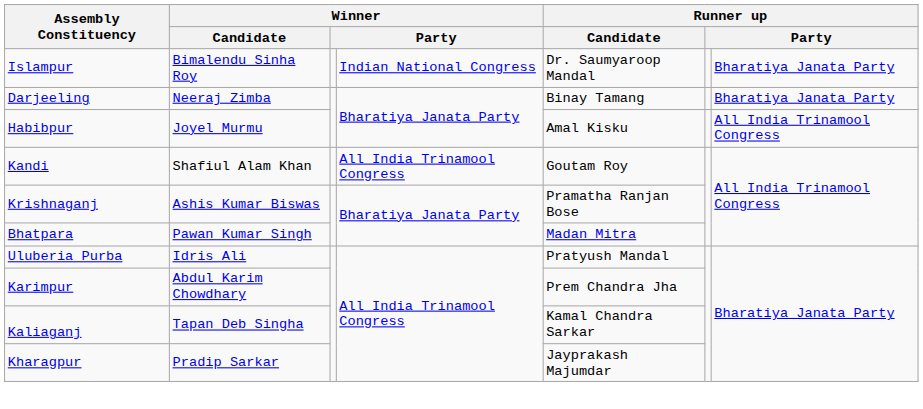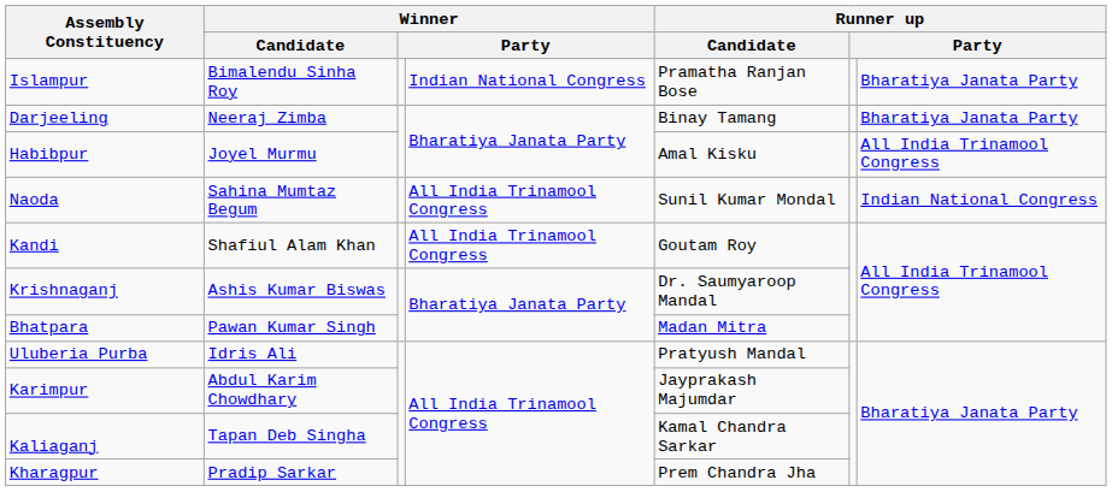 <table class="wikitable">
 <tr>
 <th Rowspan="2">Assembly Constituency</th>
 <th Colspan="3">Winner</th>
 <th Colspan="3">Runner up</th>
 </tr>
 <tr>
 <th>Candidate</th>
 <th Colspan="2">Party</th>
 <th>Candidate</th>
 <th Colspan="2">Party</th>
 </tr>
 <tr>
 <td><a href='#'>Islampur</a></td>
 <td><a href='#'>Bimalendu Sinha Roy</a></td>
 <td></td>
 <td><a href='#'>Indian National Congress</a></td>
-<td>Dr. Saumyaroop Mandal</td>
+<td>Pramatha Ranjan Bose</td>
 <td></td>
 <td><a href='#'>Bharatiya Janata Party</a></td>
 </tr>
 <tr>
 <td><a href='#'>Darjeeling</a></td>
 <td><a href='#'>Neeraj Zimba</a></td>
 <td rowspan="2"></td>
 <td rowspan="2"><a href='#'>Bharatiya Janata Party</a></td>
 <td>Binay Tamang</td>
 <td></td>
 <td><a href='#'>Bharatiya Janata Party</a></td>
 </tr>
 <tr>
 <td><a href='#'>Habibpur</a></td>
 <td><a href='#'>Joyel Murmu</a></td>
 <td>Amal Kisku</td>
 <td></td>
 <td><a href='#'>All India Trinamool Congress</a></td>
 </tr>
 <tr>
+<td><a href='#'>Naoda</a></td>
+<td><a href='#'>Sahina Mumtaz Begum</a></td>
+<td></td>
+<td><a href='#'>All India Trinamool Congress</a></td>
+<td>Sunil Kumar Mondal</td>
+<td></td>
+<td><a href='#'>Indian National Congress</a></td>
+</tr>
+<tr>
 <td><a href='#'>Kandi</a></td>
 <td>Shafiul Alam Khan</td>
 <td></td>
 <td><a href='#'>All India Trinamool Congress</a></td>
 <td>Goutam Roy</td>
 <td rowspan="3"></td>
 <td rowspan="3"><a href='#'>All India Trinamool Congress</a></td>
 </tr>
 <tr>
 <td><a href='#'>Krishnaganj</a></td>
 <td><a href='#'>Ashis Kumar Biswas</a></td>
 <td rowspan="2"></td>
 <td rowspan="2"><a href='#'>Bharatiya Janata Party</a></td>
-<td>Pramatha Ranjan Bose</td>
+<td>Dr. Saumyaroop Mandal</td>
 </tr>
 <tr>
 <td><a href='#'>Bhatpara</a></td>
 <td><a href='#'>Pawan Kumar Singh</a></td>
 <td><a href='#'>Madan Mitra</a></td>
 </tr>
 <tr>
 <td><a href='#'>Uluberia Purba</a></td>
 <td><a href='#'>Idris Ali</a></td>
 <td rowspan="4"></td>
 <td rowspan="4"><a href='#'>All India Trinamool Congress</a></td>
 <td>Pratyush Mandal</td>
 <td rowspan="4"></td>
 <td rowspan="4"><a href='#'>Bharatiya Janata Party</a></td>
 </tr>
 <tr>
 <td><a href='#'>Karimpur</a></td>
 <td><a href='#'>Abdul Karim Chowdhary</a></td>
-<td>Prem Chandra Jha</td>
+<td>Jayprakash Majumdar</td>
 </tr>
 <tr>
 <td><br><a href='#'>Kaliaganj</a></td>
 <td><a href='#'>Tapan Deb Singha</a></td>
 <td>Kamal Chandra Sarkar</td>
 </tr>
 <tr>
 <td><a href='#'>Kharagpur</a></td>
 <td><a href='#'>Pradip Sarkar</a></td>
-<td>Jayprakash Majumdar</td>
+<td>Prem Chandra Jha</td>
 </tr>
 </table>
